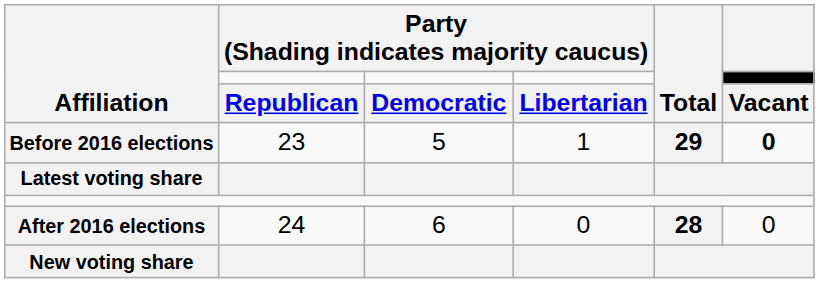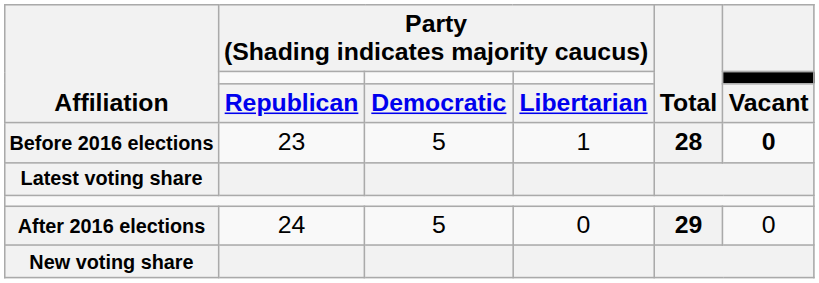 <table class=wikitable style="text-align:center">
 <tr style="vertical-align:bottom;">
 <th rowspan=3>Affiliation</th>
 <th colspan=3>Party <div>(Shading indicates majority caucus)</div></th>
 <th rowspan=3>Total</th>
 <th></th>
 </tr>
 <tr style="height:5px">
 <td style="background-color:"></td>
 <td style="background-color:"></td>
 <td style="background-color:"></td>
 <td style="background-color:black"></td>
 </tr>
 <tr>
 <th><a href='#'>Republican</a></th>
 <th><a href='#'>Democratic</a></th>
 <th><a href='#'>Libertarian</a></th>
 <th>Vacant</th>
 </tr>
 <tr>
 <th nowrap style="font-size:80%">Before 2016 elections</th>
 <td>23</td>
 <td>5</td>
 <td>1</td>
-<th>29</th>
+<th>28</th>
 <td><strong>0</strong></td>
 </tr>
 <tr>
 <th nowrap style="font-size:80%">Latest voting share</th>
 <th></th>
 <th></th>
 <th></th>
 <th colspan=3></th>
 </tr>
 <tr>
 <td colspan=6></td>
 </tr>
 <tr>
 <th nowrap style="font-size:80%">After 2016 elections</th>
 <td>24</td>
-<td>6</td>
+<td>5</td>
 <td>0</td>
-<th>28</th>
+<th>29</th>
 <td>0</td>
 </tr>
 <tr>
 <th nowrap style="font-size:80%">New voting share</th>
 <th></th>
 <th></th>
 <th></th>
 <th colspan=3></th>
 </tr>
 </table>
